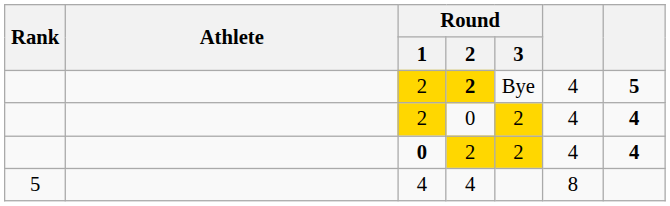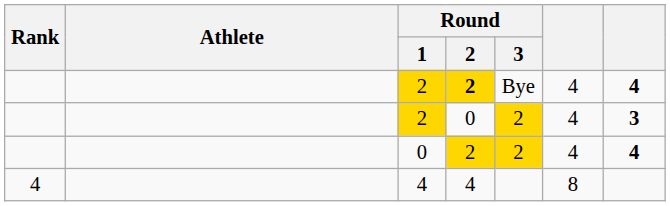 <table class="wikitable" style="text-align: center;">
 <tr>
 <th rowspan="2" width=40>Rank</th>
 <th rowspan="2" width=250>Athlete</th>
 <th colspan="3">Round</th>
 <th rowspan="2" width=40></th>
 <th rowspan="2" width=40></th>
 </tr>
 <tr>
 <th width=30>1</th>
 <th width=30>2</th>
 <th width=30>3</th>
 </tr>
 <tr>
 <td></td>
 <td align="left"></td>
 <td bgcolor=gold>2</td>
 <td bgcolor=gold><strong>2</strong></td>
 <td>Bye</td>
 <td>4</td>
-<td><strong>5</strong></td>
+<td><strong>4</strong></td>
 </tr>
 <tr>
 <td></td>
 <td align="left"></td>
 <td bgcolor=gold>2</td>
 <td>0</td>
 <td bgcolor=gold>2</td>
 <td>4</td>
-<td><strong>4</strong></td>
+<td><strong>3</strong></td>
 </tr>
 <tr>
 <td></td>
 <td align="left"></td>
-<td><strong>0</strong></td>
+<td>0</td>
 <td bgcolor=gold>2</td>
 <td bgcolor=gold>2</td>
 <td>4</td>
 <td><strong>4</strong></td>
 </tr>
 <tr>
-<td>5</td>
+<td>4</td>
 <td align="left"></td>
 <td>4</td>
 <td>4</td>
 <td></td>
 <td>8</td>
 <td></td>
 </tr>
 </table>
